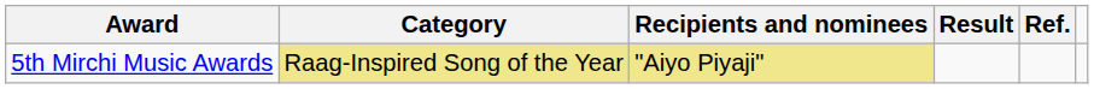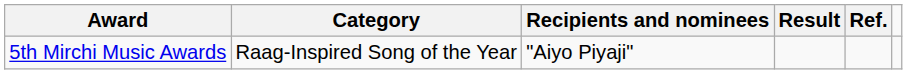 <table class="wikitable sortable">
 <tr>
 <th>Award</th>
 <th>Category</th>
 <th>Recipients and nominees</th>
 <th>Result</th>
 <th>Ref.</th>
 </tr>
 <tr>
 <td><a href='#'>5th Mirchi Music Awards</a></td>
-<td style="background: khaki;">Raag-Inspired Song of the Year</td>
-<td style="background: khaki;">"Aiyo Piyaji"</td>
+<td>Raag-Inspired Song of the Year</td>
+<td>"Aiyo Piyaji"</td>
 <td></td>
 <td></td>
 <td></td>
 </tr>
 </table>
